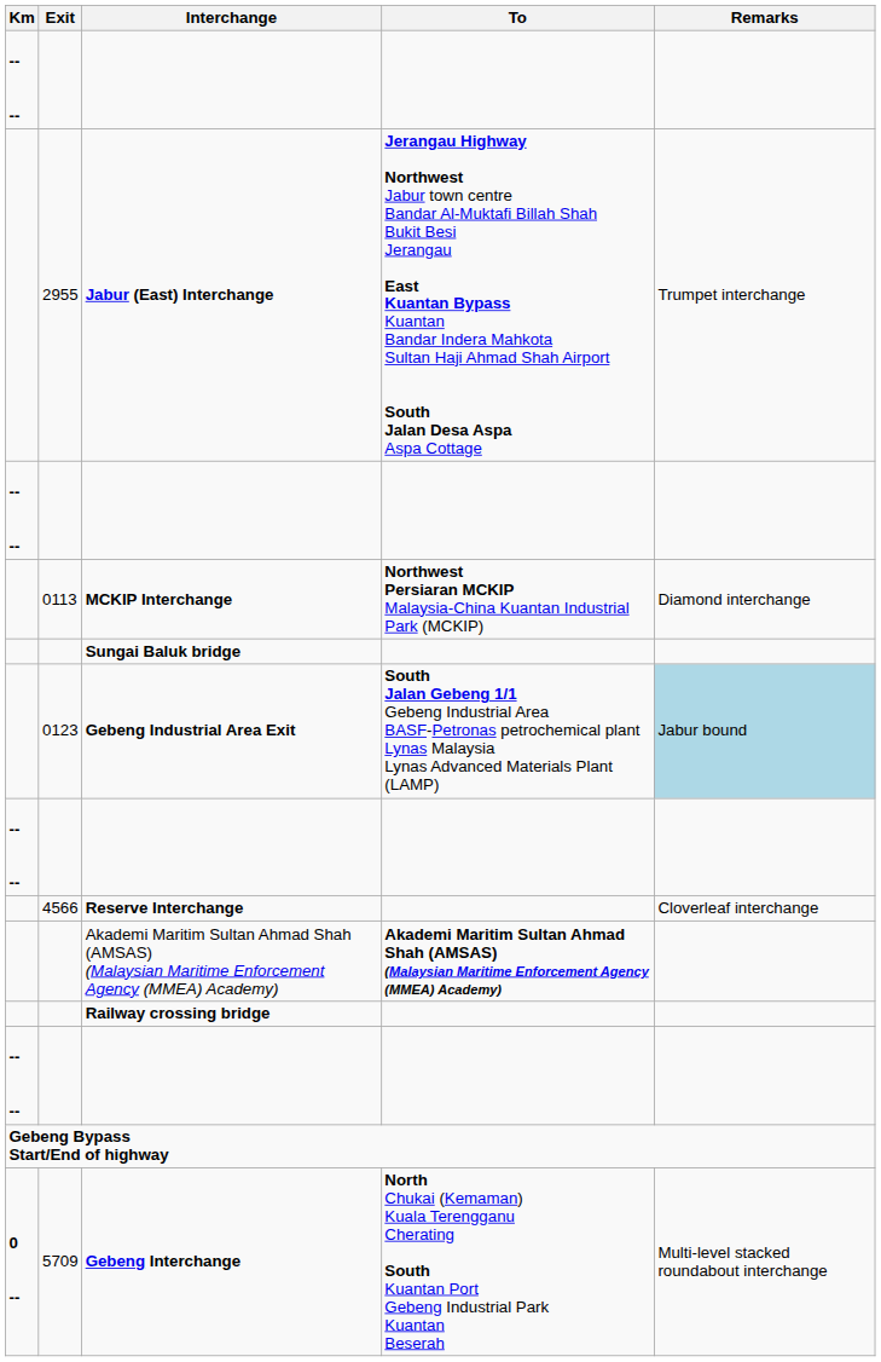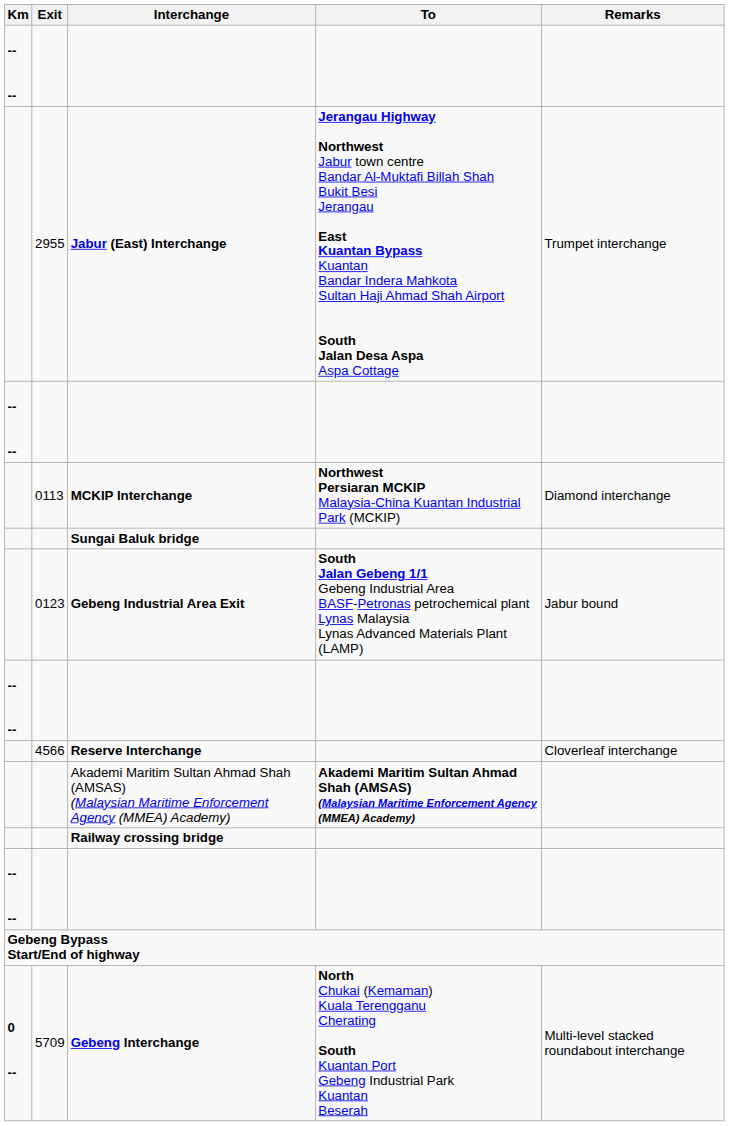 <table class="wikitable">
 <tr>
 <th>Km</th>
 <th>Exit</th>
 <th>Interchange</th>
 <th>To</th>
 <th>Remarks</th>
 </tr>
 <tr>
 <td><br><strong>--</strong><br><br><br><strong>--</strong></td>
 <td></td>
 <td></td>
 <td></td>
 <td></td>
 </tr>
 <tr>
 <td></td>
 <td>2955</td>
 <td><strong><a href='#'>Jabur</a> (East) Interchange</strong></td>
 <td> <strong><a href='#'>Jerangau Highway</a></strong><br><br><strong>Northwest</strong><br> <a href='#'>Jabur</a> town centre<br> <a href='#'>Bandar Al-Muktafi Billah Shah</a><br> <a href='#'>Bukit Besi</a><br> <a href='#'>Jerangau</a><br><br><strong>East</strong><br>  <strong><a href='#'>Kuantan Bypass</a></strong><br>  <a href='#'>Kuantan</a><br>  <a href='#'>Bandar Indera Mahkota</a><br> <a href='#'>Sultan Haji Ahmad Shah Airport</a> <br><br><br><strong>South</strong><br><strong>Jalan Desa Aspa</strong><br><a href='#'>Aspa Cottage</a></td>
 <td>Trumpet interchange</td>
 </tr>
 <tr>
 <td><br><strong>--</strong><br><br><br><strong>--</strong></td>
 <td></td>
 <td></td>
 <td></td>
 <td></td>
 </tr>
 <tr>
 <td></td>
 <td>0113</td>
 <td><strong>MCKIP Interchange</strong></td>
 <td><strong>Northwest</strong><br><strong>Persiaran MCKIP</strong><br><a href='#'>Malaysia-China Kuantan Industrial Park</a> (MCKIP)</td>
 <td>Diamond interchange</td>
 </tr>
 <tr>
 <td></td>
 <td></td>
 <td><strong>Sungai Baluk bridge</strong></td>
 <td></td>
 <td></td>
 </tr>
 <tr>
 <td></td>
 <td>0123</td>
 <td><strong>Gebeng Industrial Area Exit</strong></td>
 <td><strong>South</strong><br> <strong><a href='#'>Jalan Gebeng 1/1</a></strong><br>Gebeng Industrial Area<br><a href='#'>BASF</a>-<a href='#'>Petronas</a> petrochemical plant<br><a href='#'>Lynas</a> Malaysia<br>Lynas Advanced Materials Plant (LAMP)</td>
-<td style="background: lightblue;">Jabur bound</td>
+<td>Jabur bound</td>
 </tr>
 <tr>
 <td><br><strong>--</strong><br><br><br><strong>--</strong></td>
 <td></td>
 <td></td>
 <td></td>
 <td></td>
 </tr>
 <tr>
 <td></td>
 <td>4566</td>
 <td><strong>Reserve Interchange</strong></td>
 <td></td>
 <td>Cloverleaf interchange</td>
 </tr>
 <tr>
 <td></td>
 <td></td>
 <td>Akademi Maritim Sultan Ahmad Shah (AMSAS)<br><em>(<a href='#'>Malaysian Maritime Enforcement Agency</a> (MMEA) Academy)</em></td>
 <td><strong>Akademi Maritim Sultan Ahmad Shah (AMSAS)</strong><br><small><strong><em>(<a href='#'>Malaysian Maritime Enforcement Agency</a> (MMEA) Academy)</em></strong></small></td>
 <td></td>
 </tr>
 <tr>
 <td></td>
 <td></td>
 <td><strong>Railway crossing bridge</strong></td>
 <td></td>
 <td></td>
 </tr>
 <tr>
 <td><br><strong>--</strong><br><br><br><strong>--</strong></td>
 <td></td>
 <td></td>
 <td></td>
 <td></td>
 </tr>
 <tr>
 <td style="width:600px" colspan="6" style="text-align:center; background:blue;"><strong><span>  Gebeng Bypass<br>Start/End of highway</span></strong></td>
 </tr>
 <tr>
 <td><br><strong>0</strong><br><br><br><strong>--</strong></td>
 <td>5709</td>
 <td><strong><a href='#'>Gebeng</a> Interchange</strong></td>
 <td><strong>North</strong><br>  <a href='#'>Chukai</a> (<a href='#'>Kemaman</a>)<br>  <a href='#'>Kuala Terengganu</a><br>  <a href='#'>Cherating</a> <br><br><strong>South</strong><br> <a href='#'>Kuantan Port</a> <br>  <a href='#'>Gebeng</a> Industrial Park<br>  <a href='#'>Kuantan</a><br> <a href='#'>Beserah</a> </td>
 <td>Multi-level stacked roundabout interchange</td>
 </tr>
 </table>
